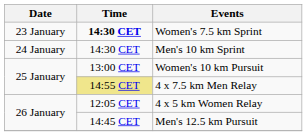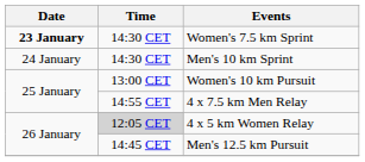 <table class="wikitable" style="text-align: center" width="420">
 <tr>
 <th>Date</th>
 <th>Time</th>
 <th>Events</th>
 </tr>
 <tr>
-<td>23 January</td>
-<td><strong>14:30 <a href='#'>CET</a></strong></td>
+<td><strong>23 January</strong></td>
+<td>14:30 <a href='#'>CET</a></td>
 <td style="text-align: left">Women's 7.5 km Sprint</td>
 </tr>
 <tr>
 <td>24 January</td>
 <td>14:30 <a href='#'>CET</a></td>
 <td style="text-align: left">Men's 10 km Sprint</td>
 </tr>
 <tr>
 <td rowspan=2>25 January</td>
 <td>13:00 <a href='#'>CET</a></td>
 <td style="text-align: left">Women's 10 km Pursuit</td>
 </tr>
 <tr>
-<td style="background: khaki;">14:55 <a href='#'>CET</a></td>
+<td>14:55 <a href='#'>CET</a></td>
 <td style="text-align: left">4 x 7.5 km Men Relay</td>
 </tr>
 <tr>
 <td rowspan=2>26 January</td>
-<td>12:05 <a href='#'>CET</a></td>
+<td style="background: lightgrey;">12:05 <a href='#'>CET</a></td>
 <td style="text-align: left">4 x 5 km Women Relay</td>
 </tr>
 <tr>
 <td>14:45 <a href='#'>CET</a></td>
 <td style="text-align: left">Men's 12.5 km Pursuit</td>
 </tr>
 <tr>
 </tr>
 </table>
